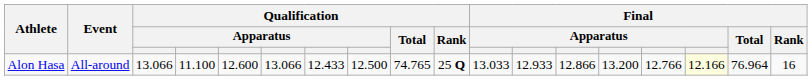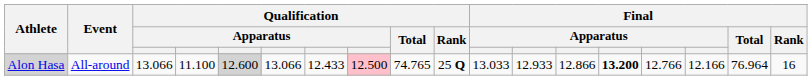 <table class="wikitable" style="font-size:90%">
 <tr>
 <th rowspan=3>Athlete</th>
 <th rowspan=3>Event</th>
 <th colspan =8>Qualification</th>
 <th colspan =8>Final</th>
 </tr>
 <tr style="font-size:95%">
 <th colspan=6>Apparatus</th>
 <th rowspan=2>Total</th>
 <th rowspan=2>Rank</th>
 <th colspan=6>Apparatus</th>
 <th rowspan=2>Total</th>
 <th rowspan=2>Rank</th>
 </tr>
 <tr style="font-size:95%">
 <th></th>
 <th></th>
 <th></th>
 <th></th>
 <th></th>
 <th></th>
 <th></th>
 <th></th>
 <th></th>
 <th></th>
 <th></th>
 <th></th>
 </tr>
 <tr align=center>
-<td align=left><a href='#'>Alon Hasa</a></td>
+<td align=left style="background: lightgrey;"><a href='#'>Alon Hasa</a></td>
 <td align=left><a href='#'>All-around</a></td>
 <td>13.066</td>
 <td>11.100</td>
-<td>12.600</td>
+<td style="background: lightgrey;">12.600</td>
 <td>13.066</td>
 <td>12.433</td>
-<td>12.500</td>
+<td style="background: pink;">12.500</td>
 <td>74.765</td>
 <td>25 <strong>Q</strong></td>
 <td>13.033</td>
 <td>12.933</td>
 <td>12.866</td>
-<td>13.200</td>
+<td><strong>13.200</strong></td>
 <td>12.766</td>
-<td style="background: lightyellow;">12.166</td>
+<td>12.166</td>
 <td>76.964</td>
 <td>16</td>
 </tr>
 </table>
